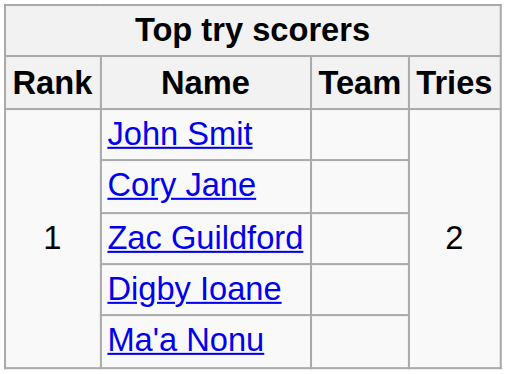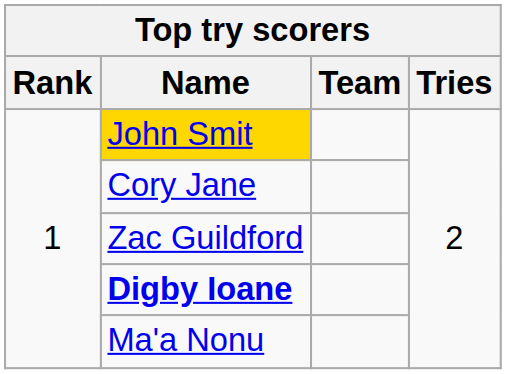 <table class="wikitable" style="text-align:center">
 <tr>
 <th colspan=9>Top try scorers</th>
 </tr>
 <tr>
 <th>Rank</th>
 <th>Name</th>
 <th>Team</th>
 <th>Tries</th>
 </tr>
 <tr>
 <td rowspan="5">1</td>
-<td style="text-align:left"><a href='#'>John Smit</a></td>
+<td style="background: gold; text-align:left"><a href='#'>John Smit</a></td>
 <td style="text-align:left"></td>
 <td rowspan="5">2</td>
 </tr>
 <tr>
 <td style="text-align:left"><a href='#'>Cory Jane</a></td>
 <td style="text-align:left"></td>
 </tr>
 <tr>
 <td style="text-align:left"><a href='#'>Zac Guildford</a></td>
 <td style="text-align:left"></td>
 </tr>
 <tr>
-<td style="text-align:left"><a href='#'>Digby Ioane</a></td>
+<td style="text-align:left"><strong><a href='#'>Digby Ioane</a></strong></td>
 <td style="text-align:left"></td>
 </tr>
 <tr>
 <td style="text-align:left"><a href='#'>Ma'a Nonu</a></td>
 <td style="text-align:left"></td>
 </tr>
 </table>
